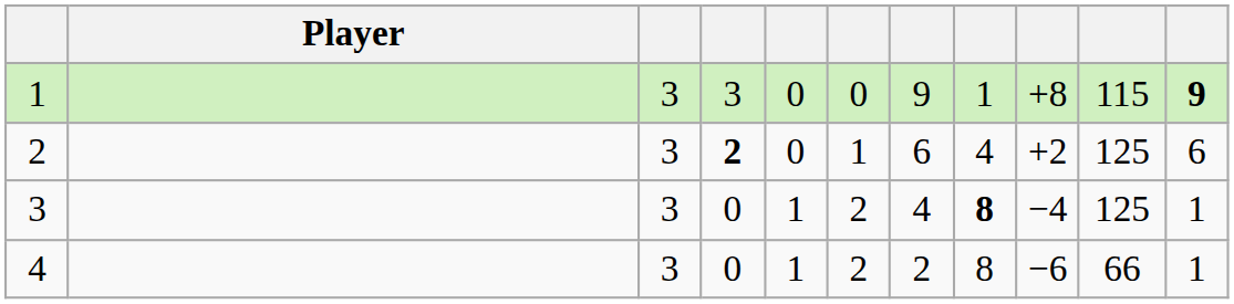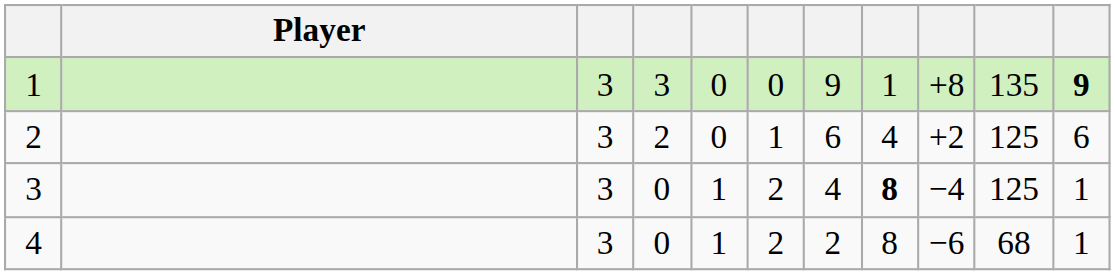 <table class="wikitable" style="text-align:center; margin: 1em auto 1em auto, align:left">
 <tr>
 <th width=20></th>
 <th width=240>Player</th>
 <th width=20></th>
 <th width=20></th>
 <th width=20></th>
 <th width=20></th>
 <th width=20></th>
 <th width=20></th>
 <th width=20></th>
 <th width=30></th>
 <th width=20></th>
 </tr>
 <tr style="background:#D0F0C0;">
 <td>1</td>
 <td align=left></td>
 <td>3</td>
 <td>3</td>
 <td>0</td>
 <td>0</td>
 <td>9</td>
 <td>1</td>
 <td>+8</td>
-<td>115</td>
+<td>135</td>
 <td><strong>9</strong></td>
 </tr>
 <tr style=>
 <td>2</td>
 <td align=left></td>
 <td>3</td>
-<td><strong>2</strong></td>
+<td>2</td>
 <td>0</td>
 <td>1</td>
 <td>6</td>
 <td>4</td>
 <td>+2</td>
 <td>125</td>
 <td>6</td>
 </tr>
 <tr style=>
 <td>3</td>
 <td align=left></td>
 <td>3</td>
 <td>0</td>
 <td>1</td>
 <td>2</td>
 <td>4</td>
 <td><strong>8</strong></td>
 <td>−4</td>
 <td>125</td>
 <td>1</td>
 </tr>
 <tr style=>
 <td>4</td>
 <td align=left></td>
 <td>3</td>
 <td>0</td>
 <td>1</td>
 <td>2</td>
 <td>2</td>
 <td>8</td>
 <td>−6</td>
-<td>66</td>
+<td>68</td>
 <td>1</td>
 </tr>
 </table>
